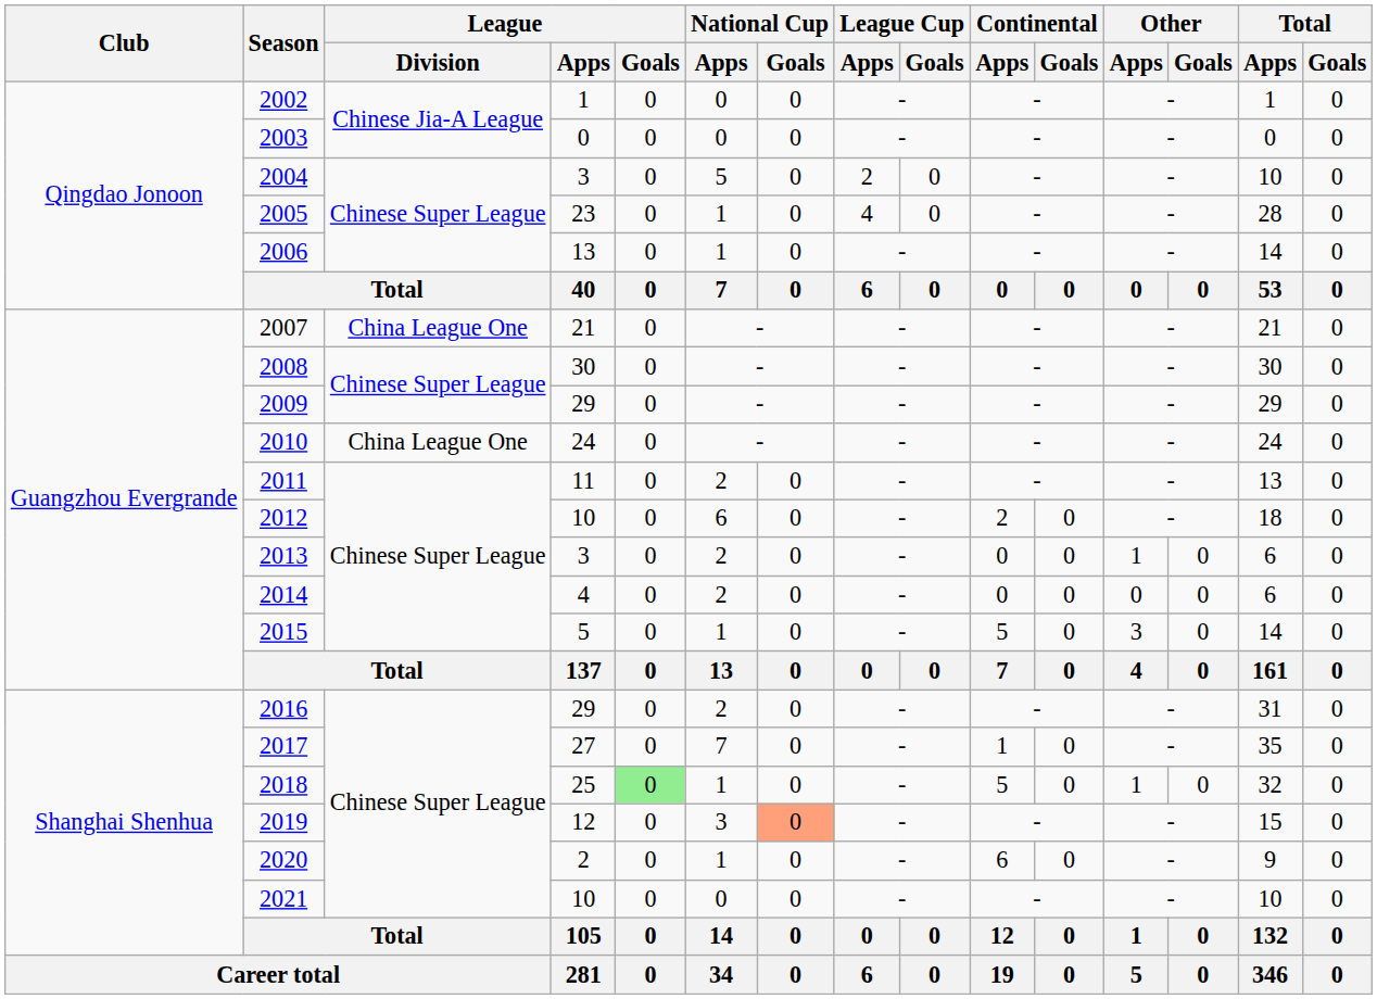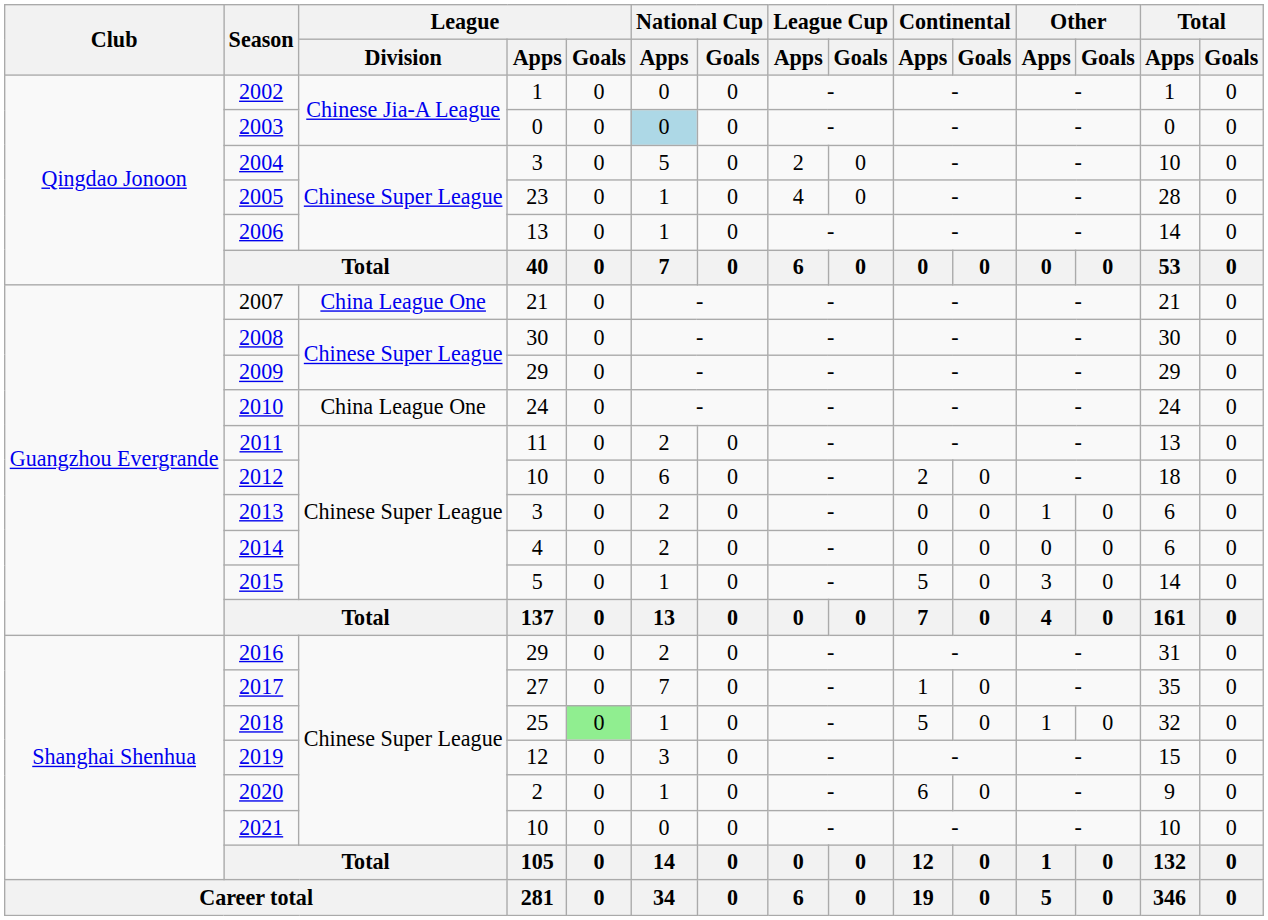 <table class="wikitable" style="text-align: center">
 <tr>
 <th rowspan="2">Club</th>
 <th rowspan="2">Season</th>
 <th colspan="3">League</th>
 <th colspan="2">National Cup</th>
 <th colspan="2">League Cup</th>
 <th colspan="2">Continental</th>
 <th colspan="2">Other</th>
 <th colspan="2">Total</th>
 </tr>
 <tr>
 <th>Division</th>
 <th>Apps</th>
 <th>Goals</th>
 <th>Apps</th>
 <th>Goals</th>
 <th>Apps</th>
 <th>Goals</th>
 <th>Apps</th>
 <th>Goals</th>
 <th>Apps</th>
 <th>Goals</th>
 <th>Apps</th>
 <th>Goals</th>
 </tr>
 <tr>
 <td rowspan="6"><a href='#'>Qingdao Jonoon</a></td>
 <td><a href='#'>2002</a></td>
 <td rowspan="2"><a href='#'>Chinese Jia-A League</a></td>
 <td>1</td>
 <td>0</td>
 <td>0</td>
 <td>0</td>
 <td colspan="2">-</td>
 <td colspan="2">-</td>
 <td colspan="2">-</td>
 <td>1</td>
 <td>0</td>
 </tr>
 <tr>
 <td><a href='#'>2003</a></td>
 <td>0</td>
 <td>0</td>
-<td>0</td>
+<td style="background: lightblue;">0</td>
 <td>0</td>
 <td colspan="2">-</td>
 <td colspan="2">-</td>
 <td colspan="2">-</td>
 <td>0</td>
 <td>0</td>
 </tr>
 <tr>
 <td><a href='#'>2004</a></td>
 <td rowspan="3"><a href='#'>Chinese Super League</a></td>
 <td>3</td>
 <td>0</td>
 <td>5</td>
 <td>0</td>
 <td>2</td>
 <td>0</td>
 <td colspan="2">-</td>
 <td colspan="2">-</td>
 <td>10</td>
 <td>0</td>
 </tr>
 <tr>
 <td><a href='#'>2005</a></td>
 <td>23</td>
 <td>0</td>
 <td>1</td>
 <td>0</td>
 <td>4</td>
 <td>0</td>
 <td colspan="2">-</td>
 <td colspan="2">-</td>
 <td>28</td>
 <td>0</td>
 </tr>
 <tr>
 <td><a href='#'>2006</a></td>
 <td>13</td>
 <td>0</td>
 <td>1</td>
 <td>0</td>
 <td colspan="2">-</td>
 <td colspan="2">-</td>
 <td colspan="2">-</td>
 <td>14</td>
 <td>0</td>
 </tr>
 <tr>
 <th colspan="2"><strong>Total</strong></th>
 <th>40</th>
 <th>0</th>
 <th>7</th>
 <th>0</th>
 <th>6</th>
 <th>0</th>
 <th>0</th>
 <th>0</th>
 <th>0</th>
 <th>0</th>
 <th>53</th>
 <th>0</th>
 </tr>
 <tr>
 <td rowspan="10"><a href='#'>Guangzhou Evergrande</a></td>
 <td>2007</td>
 <td><a href='#'>China League One</a></td>
 <td>21</td>
 <td>0</td>
 <td colspan="2">-</td>
 <td colspan="2">-</td>
 <td colspan="2">-</td>
 <td colspan="2">-</td>
 <td>21</td>
 <td>0</td>
 </tr>
 <tr>
 <td><a href='#'>2008</a></td>
 <td rowspan="2"><a href='#'>Chinese Super League</a></td>
 <td>30</td>
 <td>0</td>
 <td colspan="2">-</td>
 <td colspan="2">-</td>
 <td colspan="2">-</td>
 <td colspan="2">-</td>
 <td>30</td>
 <td>0</td>
 </tr>
 <tr>
 <td><a href='#'>2009</a></td>
 <td>29</td>
 <td>0</td>
 <td colspan="2">-</td>
 <td colspan="2">-</td>
 <td colspan="2">-</td>
 <td colspan="2">-</td>
 <td>29</td>
 <td>0</td>
 </tr>
 <tr>
 <td><a href='#'>2010</a></td>
 <td>China League One</td>
 <td>24</td>
 <td>0</td>
 <td colspan="2">-</td>
 <td colspan="2">-</td>
 <td colspan="2">-</td>
 <td colspan="2">-</td>
 <td>24</td>
 <td>0</td>
 </tr>
 <tr>
 <td><a href='#'>2011</a></td>
 <td rowspan="5">Chinese Super League</td>
 <td>11</td>
 <td>0</td>
 <td>2</td>
 <td>0</td>
 <td colspan="2">-</td>
 <td colspan="2">-</td>
 <td colspan="2">-</td>
 <td>13</td>
 <td>0</td>
 </tr>
 <tr>
 <td><a href='#'>2012</a></td>
 <td>10</td>
 <td>0</td>
 <td>6</td>
 <td>0</td>
 <td colspan="2">-</td>
 <td>2</td>
 <td>0</td>
 <td colspan="2">-</td>
 <td>18</td>
 <td>0</td>
 </tr>
 <tr>
 <td><a href='#'>2013</a></td>
 <td>3</td>
 <td>0</td>
 <td>2</td>
 <td>0</td>
 <td colspan="2">-</td>
 <td>0</td>
 <td>0</td>
 <td>1</td>
 <td>0</td>
 <td>6</td>
 <td>0</td>
 </tr>
 <tr>
 <td><a href='#'>2014</a></td>
 <td>4</td>
 <td>0</td>
 <td>2</td>
 <td>0</td>
 <td colspan="2">-</td>
 <td>0</td>
 <td>0</td>
 <td>0</td>
 <td>0</td>
 <td>6</td>
 <td>0</td>
 </tr>
 <tr>
 <td><a href='#'>2015</a></td>
 <td>5</td>
 <td>0</td>
 <td>1</td>
 <td>0</td>
 <td colspan="2">-</td>
 <td>5</td>
 <td>0</td>
 <td>3</td>
 <td>0</td>
 <td>14</td>
 <td>0</td>
 </tr>
 <tr>
 <th colspan="2"><strong>Total</strong></th>
 <th>137</th>
 <th>0</th>
 <th>13</th>
 <th>0</th>
 <th>0</th>
 <th>0</th>
 <th>7</th>
 <th>0</th>
 <th>4</th>
 <th>0</th>
 <th>161</th>
 <th>0</th>
 </tr>
 <tr>
 <td rowspan="7"><a href='#'>Shanghai Shenhua</a></td>
 <td><a href='#'>2016</a></td>
 <td rowspan=6>Chinese Super League</td>
 <td>29</td>
 <td>0</td>
 <td>2</td>
 <td>0</td>
 <td colspan="2">-</td>
 <td colspan="2">-</td>
 <td colspan="2">-</td>
 <td>31</td>
 <td>0</td>
 </tr>
 <tr>
 <td><a href='#'>2017</a></td>
 <td>27</td>
 <td>0</td>
 <td>7</td>
 <td>0</td>
 <td colspan="2">-</td>
 <td>1</td>
 <td>0</td>
 <td colspan="2">-</td>
 <td>35</td>
 <td>0</td>
 </tr>
 <tr>
 <td><a href='#'>2018</a></td>
 <td>25</td>
 <td style="background: lightgreen;">0</td>
 <td>1</td>
 <td>0</td>
 <td colspan="2">-</td>
 <td>5</td>
 <td>0</td>
 <td>1</td>
 <td>0</td>
 <td>32</td>
 <td>0</td>
 </tr>
 <tr>
 <td><a href='#'>2019</a></td>
 <td>12</td>
 <td>0</td>
 <td>3</td>
-<td style="background: lightsalmon;">0</td>
+<td>0</td>
 <td colspan="2">-</td>
 <td colspan="2">-</td>
 <td colspan="2">-</td>
 <td>15</td>
 <td>0</td>
 </tr>
 <tr>
 <td><a href='#'>2020</a></td>
 <td>2</td>
 <td>0</td>
 <td>1</td>
 <td>0</td>
 <td colspan="2">-</td>
 <td>6</td>
 <td>0</td>
 <td colspan="2">-</td>
 <td>9</td>
 <td>0</td>
 </tr>
 <tr>
 <td><a href='#'>2021</a></td>
 <td>10</td>
 <td>0</td>
 <td>0</td>
 <td>0</td>
 <td colspan="2">-</td>
 <td colspan="2">-</td>
 <td colspan="2">-</td>
 <td>10</td>
 <td>0</td>
 </tr>
 <tr>
 <th colspan="2"><strong>Total</strong></th>
 <th>105</th>
 <th>0</th>
 <th>14</th>
 <th>0</th>
 <th>0</th>
 <th>0</th>
 <th>12</th>
 <th>0</th>
 <th>1</th>
 <th>0</th>
 <th>132</th>
 <th>0</th>
 </tr>
 <tr>
 <th colspan=3>Career total</th>
 <th>281</th>
 <th>0</th>
 <th>34</th>
 <th>0</th>
 <th>6</th>
 <th>0</th>
 <th>19</th>
 <th>0</th>
 <th>5</th>
 <th>0</th>
 <th>346</th>
 <th>0</th>
 </tr>
 </table>
